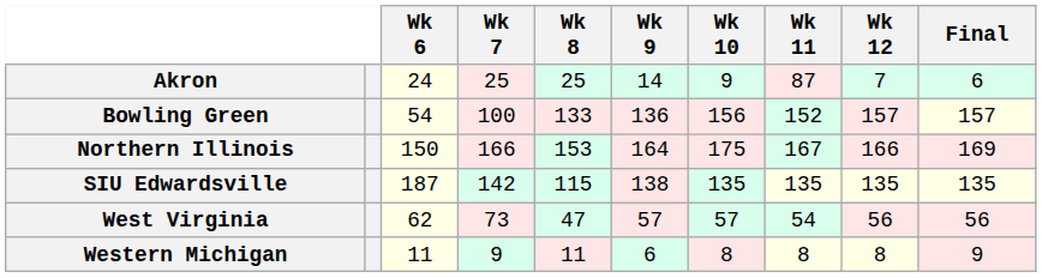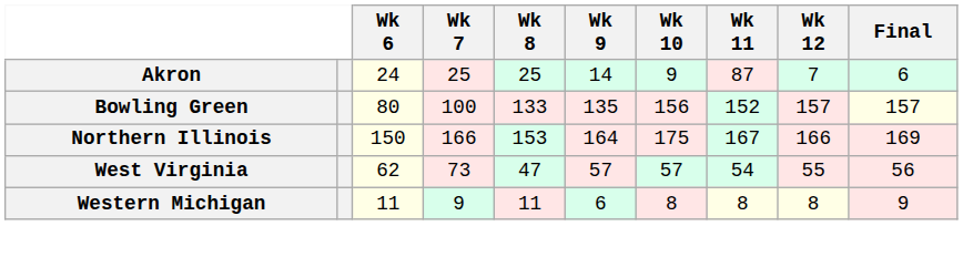 <table class="wikitable" style="text-align:center; width:50%">
 <tr>
 <th colspan=2 style="background:white; border-top-style:hidden; border-left-style:hidden;"> </th>
 <th>Wk<br>6</th>
 <th>Wk<br>7</th>
 <th>Wk<br>8</th>
 <th>Wk<br>9</th>
 <th>Wk<br>10</th>
 <th>Wk<br>11</th>
 <th>Wk<br>12</th>
 <th>Final</th>
 </tr>
 <tr style="text-align:center;">
 <th>Akron</th>
 <th></th>
 <td style="background:#FFFFE6">24</td>
 <td style="background:#FFE6E6">25</td>
 <td style="background:#D8FFEB">25</td>
 <td style="background:#D8FFEB">14</td>
 <td style="background:#D8FFEB">9</td>
 <td style="background:#FFE6E6">87</td>
 <td style="background:#D8FFEB">7</td>
 <td style="background:#D8FFEB">6</td>
 </tr>
 <tr style="text-align:center;">
 <th>Bowling Green</th>
 <th></th>
-<td style="background:#FFFFE6">54</td>
+<td style="background:#FFFFE6">80</td>
 <td style="background:#FFE6E6">100</td>
 <td style="background:#FFE6E6">133</td>
-<td style="background:#FFE6E6">136</td>
+<td style="background:#FFE6E6">135</td>
 <td style="background:#FFE6E6">156</td>
 <td style="background:#D8FFEB">152</td>
 <td style="background:#FFE6E6">157</td>
 <td style="background:#FFFFE6">157</td>
 </tr>
 <tr style="text-align:center;">
 <th>Northern Illinois</th>
 <th></th>
 <td style="background:#FFFFE6">150</td>
 <td style="background:#FFE6E6">166</td>
 <td style="background:#D8FFEB">153</td>
 <td style="background:#FFE6E6">164</td>
 <td style="background:#FFE6E6">175</td>
 <td style="background:#D8FFEB">167</td>
 <td style="background:#FFE6E6">166</td>
 <td style="background:#FFE6E6">169</td>
 </tr>
 <tr style="text-align:center;">
-<th>SIU Edwardsville</th>
-<th></th>
-<td style="background:#FFFFE6">187</td>
-<td style="background:#D8FFEB">142</td>
-<td style="background:#D8FFEB">115</td>
-<td style="background:#FFE6E6">138</td>
-<td style="background:#D8FFEB">135</td>
-<td style="background:#FFFFE6">135</td>
-<td style="background:#FFFFE6">135</td>
-<td style="background:#FFFFE6">135</td>
-</tr>
-<tr style="text-align:center;">
 <th>West Virginia</th>
 <th></th>
 <td style="background:#FFFFE6">62</td>
 <td style="background:#FFE6E6">73</td>
 <td style="background:#D8FFEB">47</td>
 <td style="background:#FFE6E6">57</td>
 <td style="background:#D8FFEB">57</td>
 <td style="background:#D8FFEB">54</td>
-<td style="background:#FFE6E6">56</td>
+<td style="background:#FFE6E6">55</td>
 <td style="background:#FFE6E6">56</td>
 </tr>
 <tr style="text-align:center;">
 <th>Western Michigan</th>
 <th></th>
 <td style="background:#FFFFE6">11</td>
 <td style="background:#D8FFEB">9</td>
 <td style="background:#FFE6E6">11</td>
 <td style="background:#D8FFEB">6</td>
 <td style="background:#FFE6E6">8</td>
 <td style="background:#FFFFE6">8</td>
 <td style="background:#FFFFE6">8</td>
 <td style="background:#FFE6E6">9</td>
 </tr>
 </table>
